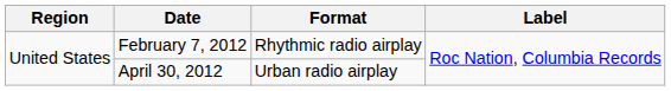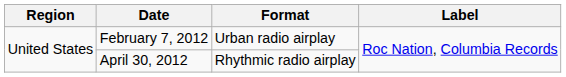 <table class="wikitable sortable">
 <tr>
 <th>Region</th>
 <th>Date</th>
 <th>Format</th>
 <th>Label</th>
 </tr>
 <tr>
 <td rowspan="2">United States</td>
 <td>February 7, 2012</td>
-<td>Rhythmic radio airplay</td>
+<td>Urban radio airplay</td>
 <td rowspan="2"><a href='#'>Roc Nation</a>, <a href='#'>Columbia Records</a></td>
 </tr>
 <tr>
 <td>April 30, 2012</td>
-<td>Urban radio airplay</td>
+<td>Rhythmic radio airplay</td>
 </tr>
 </table>
